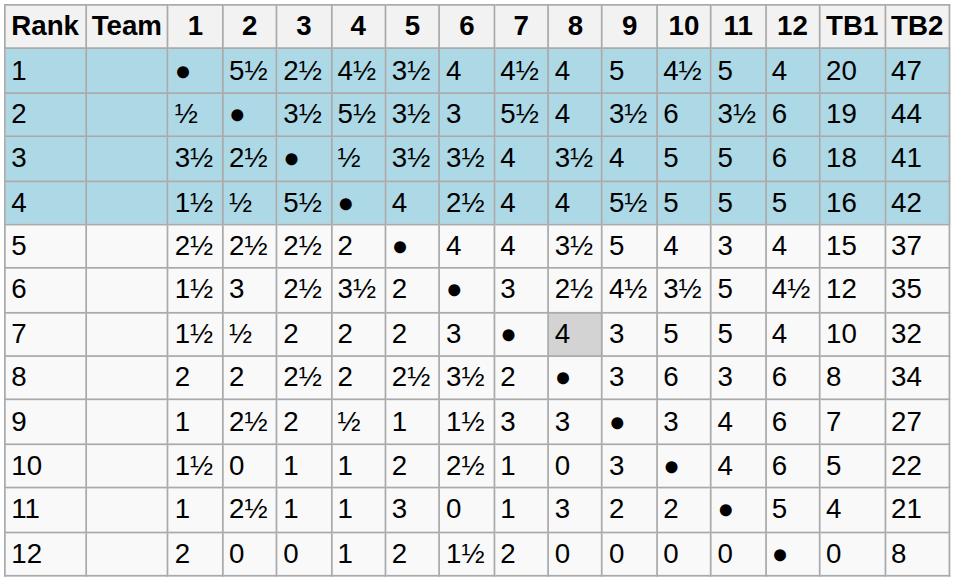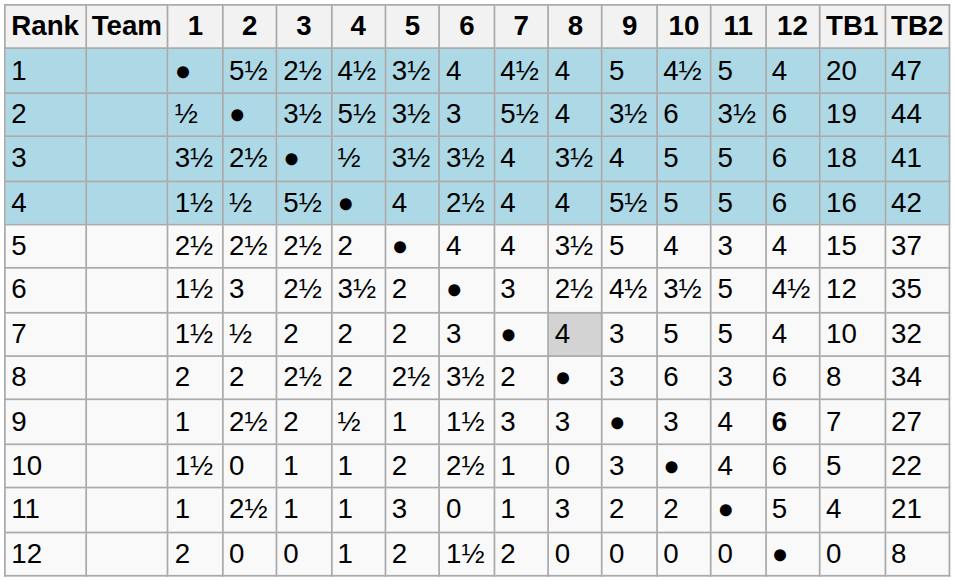 <table class="wikitable">
 <tr>
 <th>Rank</th>
 <th>Team</th>
 <th style="width:1.5em;">1</th>
 <th style="width:1.5em;">2</th>
 <th style="width:1.5em;">3</th>
 <th style="width:1.5em;">4</th>
 <th style="width:1.5em;">5</th>
 <th style="width:1.5em;">6</th>
 <th style="width:1.5em;">7</th>
 <th style="width:1.5em;">8</th>
 <th style="width:1.5em;">9</th>
 <th style="width:1.5em;">10</th>
 <th style="width:1.5em;">11</th>
 <th style="width:1.5em;">12</th>
 <th>TB1</th>
 <th>TB2</th>
 </tr>
 <tr style="background:lightblue">
 <td>1</td>
 <td></td>
 <td>●</td>
 <td>5½</td>
 <td>2½</td>
 <td>4½</td>
 <td>3½</td>
 <td>4</td>
 <td>4½</td>
 <td>4</td>
 <td>5</td>
 <td>4½</td>
 <td>5</td>
 <td>4</td>
 <td>20</td>
 <td>47</td>
 </tr>
 <tr style="background:lightblue">
 <td>2</td>
 <td></td>
 <td>½</td>
 <td>●</td>
 <td>3½</td>
 <td>5½</td>
 <td>3½</td>
 <td>3</td>
 <td>5½</td>
 <td>4</td>
 <td>3½</td>
 <td>6</td>
 <td>3½</td>
 <td>6</td>
 <td>19</td>
 <td>44</td>
 </tr>
 <tr style="background:lightblue">
 <td>3</td>
 <td></td>
 <td>3½</td>
 <td>2½</td>
 <td>●</td>
 <td>½</td>
 <td>3½</td>
 <td>3½</td>
 <td>4</td>
 <td>3½</td>
 <td>4</td>
 <td>5</td>
 <td>5</td>
 <td>6</td>
 <td>18</td>
 <td>41</td>
 </tr>
 <tr style="background:lightblue">
 <td>4</td>
 <td></td>
 <td>1½</td>
 <td>½</td>
 <td>5½</td>
 <td>●</td>
 <td>4</td>
 <td>2½</td>
 <td>4</td>
 <td>4</td>
 <td>5½</td>
 <td>5</td>
 <td>5</td>
-<td>5</td>
+<td>6</td>
 <td>16</td>
 <td>42</td>
 </tr>
 <tr>
 <td>5</td>
 <td></td>
 <td>2½</td>
 <td>2½</td>
 <td>2½</td>
 <td>2</td>
 <td>●</td>
 <td>4</td>
 <td>4</td>
 <td>3½</td>
 <td>5</td>
 <td>4</td>
 <td>3</td>
 <td>4</td>
 <td>15</td>
 <td>37</td>
 </tr>
 <tr>
 <td>6</td>
 <td></td>
 <td>1½</td>
 <td>3</td>
 <td>2½</td>
 <td>3½</td>
 <td>2</td>
 <td>●</td>
 <td>3</td>
 <td>2½</td>
 <td>4½</td>
 <td>3½</td>
 <td>5</td>
 <td>4½</td>
 <td>12</td>
 <td>35</td>
 </tr>
 <tr>
 <td>7</td>
 <td></td>
 <td>1½</td>
 <td>½</td>
 <td>2</td>
 <td>2</td>
 <td>2</td>
 <td>3</td>
 <td>●</td>
 <td style="background: lightgrey;">4</td>
 <td>3</td>
 <td>5</td>
 <td>5</td>
 <td>4</td>
 <td>10</td>
 <td>32</td>
 </tr>
 <tr>
 <td>8</td>
 <td></td>
 <td>2</td>
 <td>2</td>
 <td>2½</td>
 <td>2</td>
 <td>2½</td>
 <td>3½</td>
 <td>2</td>
 <td>●</td>
 <td>3</td>
 <td>6</td>
 <td>3</td>
 <td>6</td>
 <td>8</td>
 <td>34</td>
 </tr>
 <tr>
 <td>9</td>
 <td></td>
 <td>1</td>
 <td>2½</td>
 <td>2</td>
 <td>½</td>
 <td>1</td>
 <td>1½</td>
 <td>3</td>
 <td>3</td>
 <td>●</td>
 <td>3</td>
 <td>4</td>
-<td>6</td>
+<td><strong>6</strong></td>
 <td>7</td>
 <td>27</td>
 </tr>
 <tr>
 <td>10</td>
 <td></td>
 <td>1½</td>
 <td>0</td>
 <td>1</td>
 <td>1</td>
 <td>2</td>
 <td>2½</td>
 <td>1</td>
 <td>0</td>
 <td>3</td>
 <td>●</td>
 <td>4</td>
 <td>6</td>
 <td>5</td>
 <td>22</td>
 </tr>
 <tr>
 <td>11</td>
 <td></td>
 <td>1</td>
 <td>2½</td>
 <td>1</td>
 <td>1</td>
 <td>3</td>
 <td>0</td>
 <td>1</td>
 <td>3</td>
 <td>2</td>
 <td>2</td>
 <td>●</td>
 <td>5</td>
 <td>4</td>
 <td>21</td>
 </tr>
 <tr>
 <td>12</td>
 <td></td>
 <td>2</td>
 <td>0</td>
 <td>0</td>
 <td>1</td>
 <td>2</td>
 <td>1½</td>
 <td>2</td>
 <td>0</td>
 <td>0</td>
 <td>0</td>
 <td>0</td>
 <td>●</td>
 <td>0</td>
 <td>8</td>
 </tr>
 </table>
